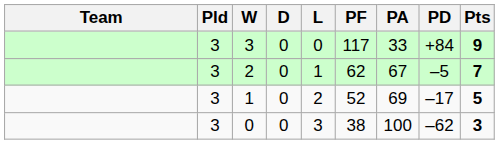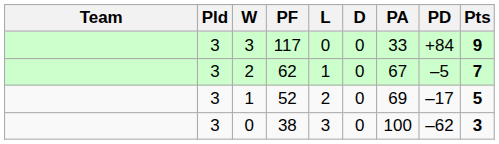 <table class="wikitable" style="text-align:center;">
 <tr>
 <th width=175>Team</th>
 <th width=25 abbr="Played">Pld</th>
 <th width=25 abbr="Won">W</th>
+<th width=32 abbr="Points for">PF</th>
+<th width=25 abbr="Lost">L</th>
 <th width=25 abbr="Drawn">D</th>
-<th width=25 abbr="Lost">L</th>
-<th width=32 abbr="Points for">PF</th>
 <th width=32 abbr="Points against">PA</th>
 <th width=32 abbr="Points difference">PD</th>
 <th width=25 abbr="Points">Pts</th>
 </tr>
 <tr bgcolor=ccffcc>
 <td align=left></td>
 <td>3</td>
 <td>3</td>
+<td>117</td>
 <td>0</td>
 <td>0</td>
-<td>117</td>
 <td>33</td>
 <td>+84</td>
 <td><strong>9</strong></td>
 </tr>
 <tr bgcolor=ccffcc>
 <td align=left></td>
 <td>3</td>
 <td>2</td>
+<td>62</td>
+<td>1</td>
 <td>0</td>
-<td>1</td>
-<td>62</td>
 <td>67</td>
 <td>–5</td>
 <td><strong>7</strong></td>
 </tr>
 <tr>
 <td align=left></td>
 <td>3</td>
 <td>1</td>
+<td>52</td>
+<td>2</td>
 <td>0</td>
-<td>2</td>
-<td>52</td>
 <td>69</td>
 <td>–17</td>
 <td><strong>5</strong></td>
 </tr>
 <tr>
 <td align=left></td>
 <td>3</td>
 <td>0</td>
+<td>38</td>
+<td>3</td>
 <td>0</td>
-<td>3</td>
-<td>38</td>
 <td>100</td>
 <td>–62</td>
 <td><strong>3</strong></td>
 </tr>
 </table>
